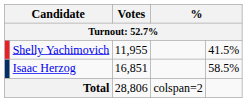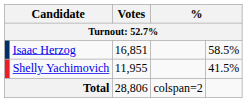 <table class="wikitable plainrowheaders">
 <tr>
 <th colspan="2">Candidate</th>
 <th>Votes</th>
 <th colspan="2">%</th>
 </tr>
 <tr style="font-size:85%">
 <th scope="row" colspan=5 style="text-align:center"><strong>Turnout:</strong>  52.7%</th>
 </tr>
 <tr>
+<td style="background:#013068;"></td>
+<td><a href='#'>Isaac Herzog</a> </td>
+<td>16,851</td>
+<td></td>
+<td>58.5%</td>
+</tr>
+<tr>
 <td style="background:#EE1C25;"></td>
 <td><a href='#'>Shelly Yachimovich</a></td>
 <td>11,955</td>
 <td></td>
 <td>41.5%</td>
 </tr>
 <tr>
-<td style="background:#013068;"></td>
-<td><a href='#'>Isaac Herzog</a> </td>
-<td>16,851</td>
-<td></td>
-<td>58.5%</td>
-</tr>
-<tr>
 <th style="text-align:right;" colspan="2">Total</th>
 <td>28,806</td>
 <td>colspan=2 </td>
 </tr>
 </table>
